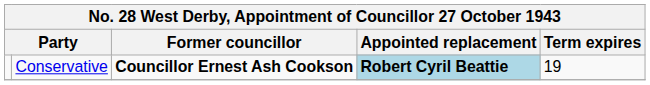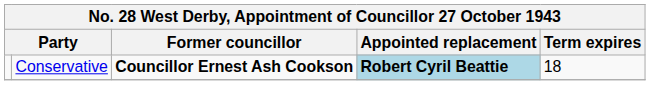 <table class="wikitable">
 <tr>
 <th colspan="5"><strong>No. 28 West Derby, Appointment of Councillor 27 October 1943</strong></th>
 </tr>
 <tr>
 <th colspan="2">Party</th>
 <th>Former councillor</th>
 <th>Appointed replacement</th>
 <th>Term expires</th>
 </tr>
 <tr>
 <td style="background-color:"></td>
 <td><a href='#'>Conservative</a></td>
 <td><strong>Councillor Ernest Ash Cookson</strong></td>
 <td style="background: lightblue;"><strong>Robert Cyril Beattie</strong></td>
-<td>19</td>
+<td>18</td>
 </tr>
 <tr>
 </tr>
 </table>
